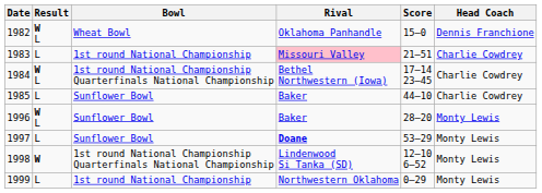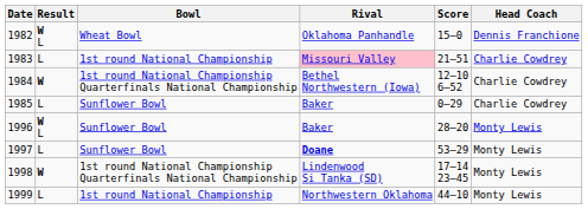 <table class="wikitable">
 <tr>
 <th>Date</th>
 <th>Result</th>
 <th>Bowl</th>
 <th>Rival</th>
 <th>Score</th>
 <th>Head Coach</th>
 </tr>
 <tr>
 <td>1982</td>
 <td><strong>W</strong><br>L</td>
 <td><a href='#'>Wheat Bowl</a></td>
 <td><a href='#'>Oklahoma Panhandle</a></td>
 <td>15–0</td>
 <td><a href='#'>Dennis Franchione</a></td>
 </tr>
 <tr>
 <td>1983</td>
 <td>L</td>
 <td><a href='#'>1st round National Championship</a></td>
 <td style="background: pink;"><a href='#'>Missouri Valley</a></td>
 <td>21–51</td>
 <td><a href='#'>Charlie Cowdrey</a></td>
 </tr>
 <tr>
 <td>1984</td>
-<td><strong>W</strong><br>L</td>
+<td><strong>W</strong></td>
 <td><a href='#'>1st round National Championship</a><br>Quarterfinals National Championship</td>
 <td><a href='#'>Bethel</a><br><a href='#'>Northwestern (Iowa)</a></td>
-<td>17–14<br>23–45</td>
+<td>12–10 <br> 6–52</td>
 <td>Charlie Cowdrey</td>
 </tr>
 <tr>
 <td>1985</td>
 <td>L</td>
 <td><a href='#'>Sunflower Bowl</a></td>
 <td><a href='#'>Baker</a></td>
-<td>44–10</td>
+<td>0–29</td>
 <td>Charlie Cowdrey</td>
 </tr>
 <tr>
 <td>1996</td>
 <td><strong>W</strong><br>L</td>
 <td><a href='#'>Sunflower Bowl</a></td>
 <td><a href='#'>Baker</a></td>
 <td>28–20</td>
 <td><a href='#'>Monty Lewis</a></td>
 </tr>
 <tr>
 <td>1997</td>
 <td>L</td>
 <td><a href='#'>Sunflower Bowl</a></td>
 <td><strong><a href='#'>Doane</a></strong></td>
 <td>53–29</td>
 <td>Monty Lewis</td>
 </tr>
 <tr>
 <td>1998</td>
 <td><strong>W</strong></td>
 <td>1st round National Championship<br>Quarterfinals National Championship</td>
 <td><a href='#'>Lindenwood</a> <br> <a href='#'>Si Tanka (SD)</a></td>
-<td>12–10 <br> 6–52</td>
+<td>17–14<br>23–45</td>
 <td>Monty Lewis</td>
 </tr>
 <tr>
 <td>1999</td>
 <td>L</td>
 <td><a href='#'>1st round National Championship</a></td>
 <td><a href='#'>Northwestern Oklahoma</a></td>
-<td>0–29</td>
+<td>44–10</td>
 <td>Monty Lewis</td>
 </tr>
 </table>
